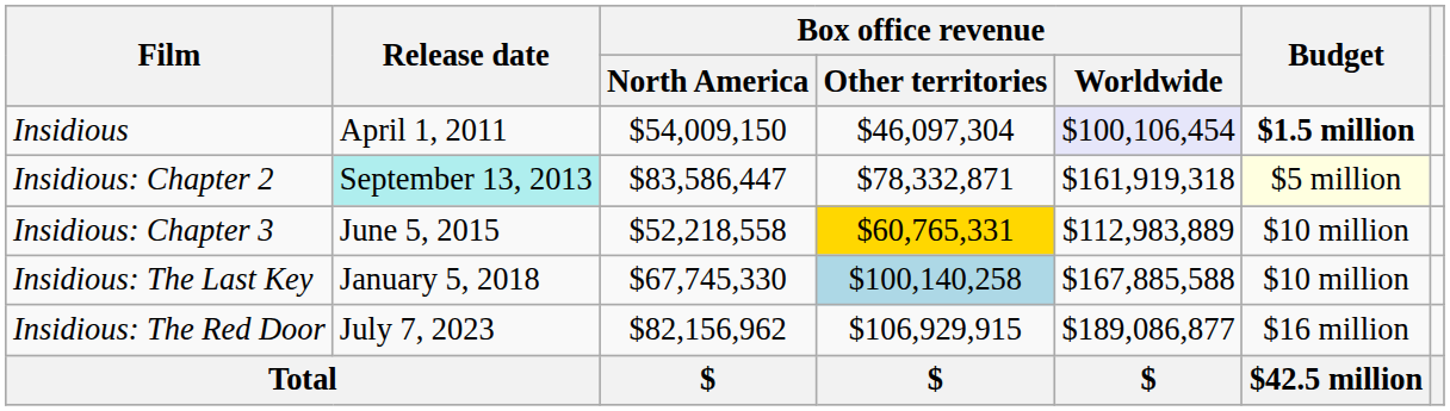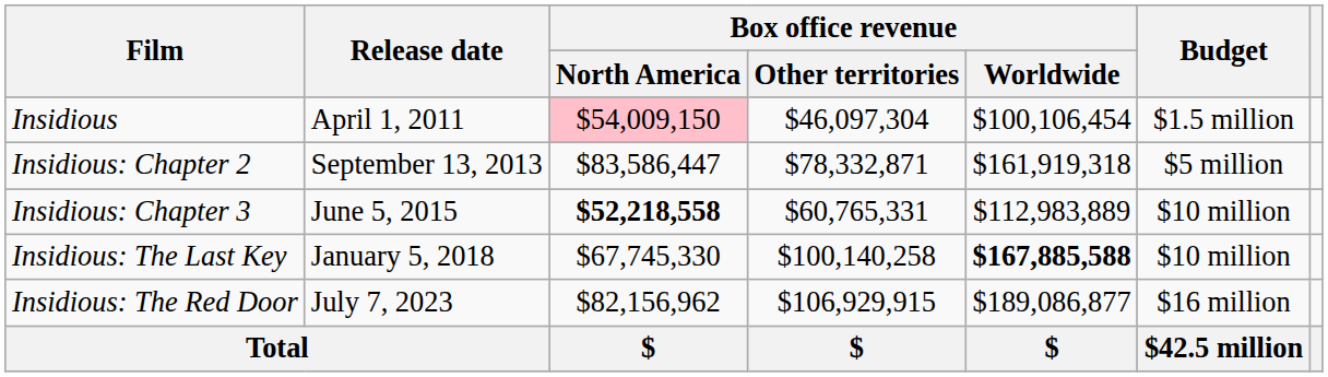 <table class="wikitable plainrowheaders" style="text-align:center">
 <tr>
 <th rowspan="2">Film</th>
 <th rowspan="2">Release date</th>
 <th colspan="3">Box office revenue</th>
 <th rowspan="2">Budget</th>
 <th rowspan="2"></th>
 </tr>
 <tr>
 <th>North America</th>
 <th>Other territories</th>
 <th>Worldwide</th>
 </tr>
 <tr>
 <td style="text-align:left"><em>Insidious</em></td>
 <td style="text-align:left">April 1, 2011</td>
-<td>$54,009,150</td>
+<td style="background: pink;">$54,009,150</td>
 <td>$46,097,304</td>
-<td style="background: lavender;">$100,106,454</td>
-<td><strong>$1.5 million</strong></td>
+<td>$100,106,454</td>
+<td>$1.5 million</td>
 <td></td>
 </tr>
 <tr>
 <td style="text-align:left"><em>Insidious: Chapter 2</em></td>
-<td style="background: paleturquoise; text-align:left">September 13, 2013</td>
+<td style="text-align:left">September 13, 2013</td>
 <td>$83,586,447</td>
 <td>$78,332,871</td>
 <td>$161,919,318</td>
-<td style="background: lightyellow;">$5 million</td>
+<td>$5 million</td>
 <td></td>
 </tr>
 <tr>
 <td style="text-align:left"><em>Insidious: Chapter 3</em></td>
 <td style="text-align:left">June 5, 2015</td>
-<td>$52,218,558</td>
-<td style="background: gold;">$60,765,331</td>
+<td><strong>$52,218,558</strong></td>
+<td>$60,765,331</td>
 <td>$112,983,889</td>
 <td>$10 million</td>
 <td></td>
 </tr>
 <tr>
 <td style="text-align:left"><em>Insidious: The Last Key</em></td>
 <td style="text-align:left">January 5, 2018</td>
 <td>$67,745,330</td>
-<td style="background: lightblue;">$100,140,258</td>
-<td>$167,885,588</td>
+<td>$100,140,258</td>
+<td><strong>$167,885,588</strong></td>
 <td>$10 million</td>
 <td></td>
 </tr>
 <tr>
 <td style="text-align:left"><em>Insidious: The Red Door</em></td>
 <td style="text-align:left">July 7, 2023</td>
 <td>$82,156,962</td>
 <td>$106,929,915</td>
 <td>$189,086,877</td>
 <td>$16 million</td>
 <td></td>
 </tr>
 <tr>
 <th colspan="2">Total</th>
 <th>$</th>
 <th>$</th>
 <th>$</th>
 <th>$42.5 million</th>
 <th></th>
 </tr>
 </table>
